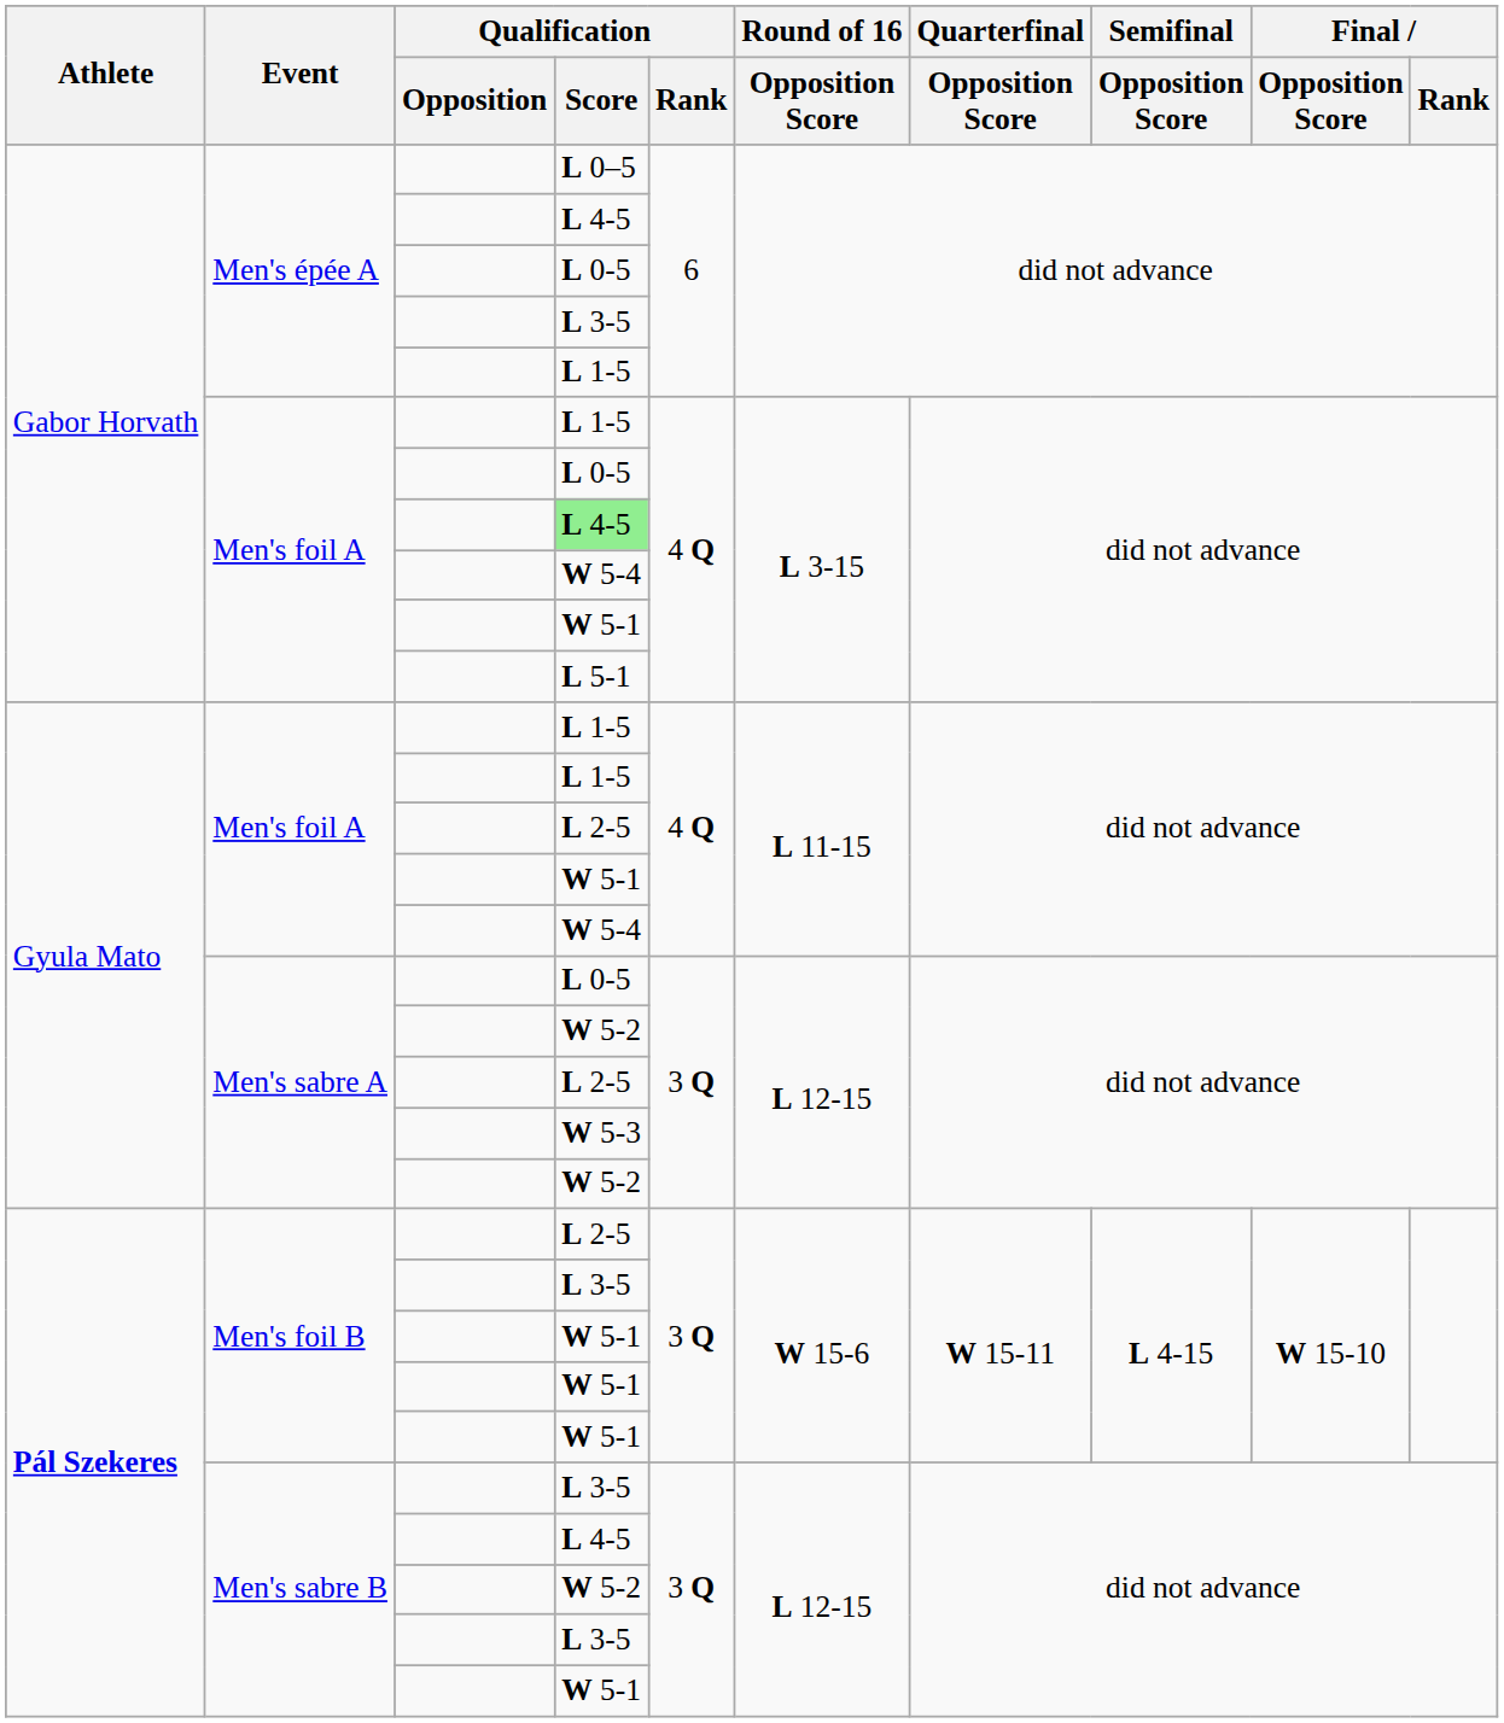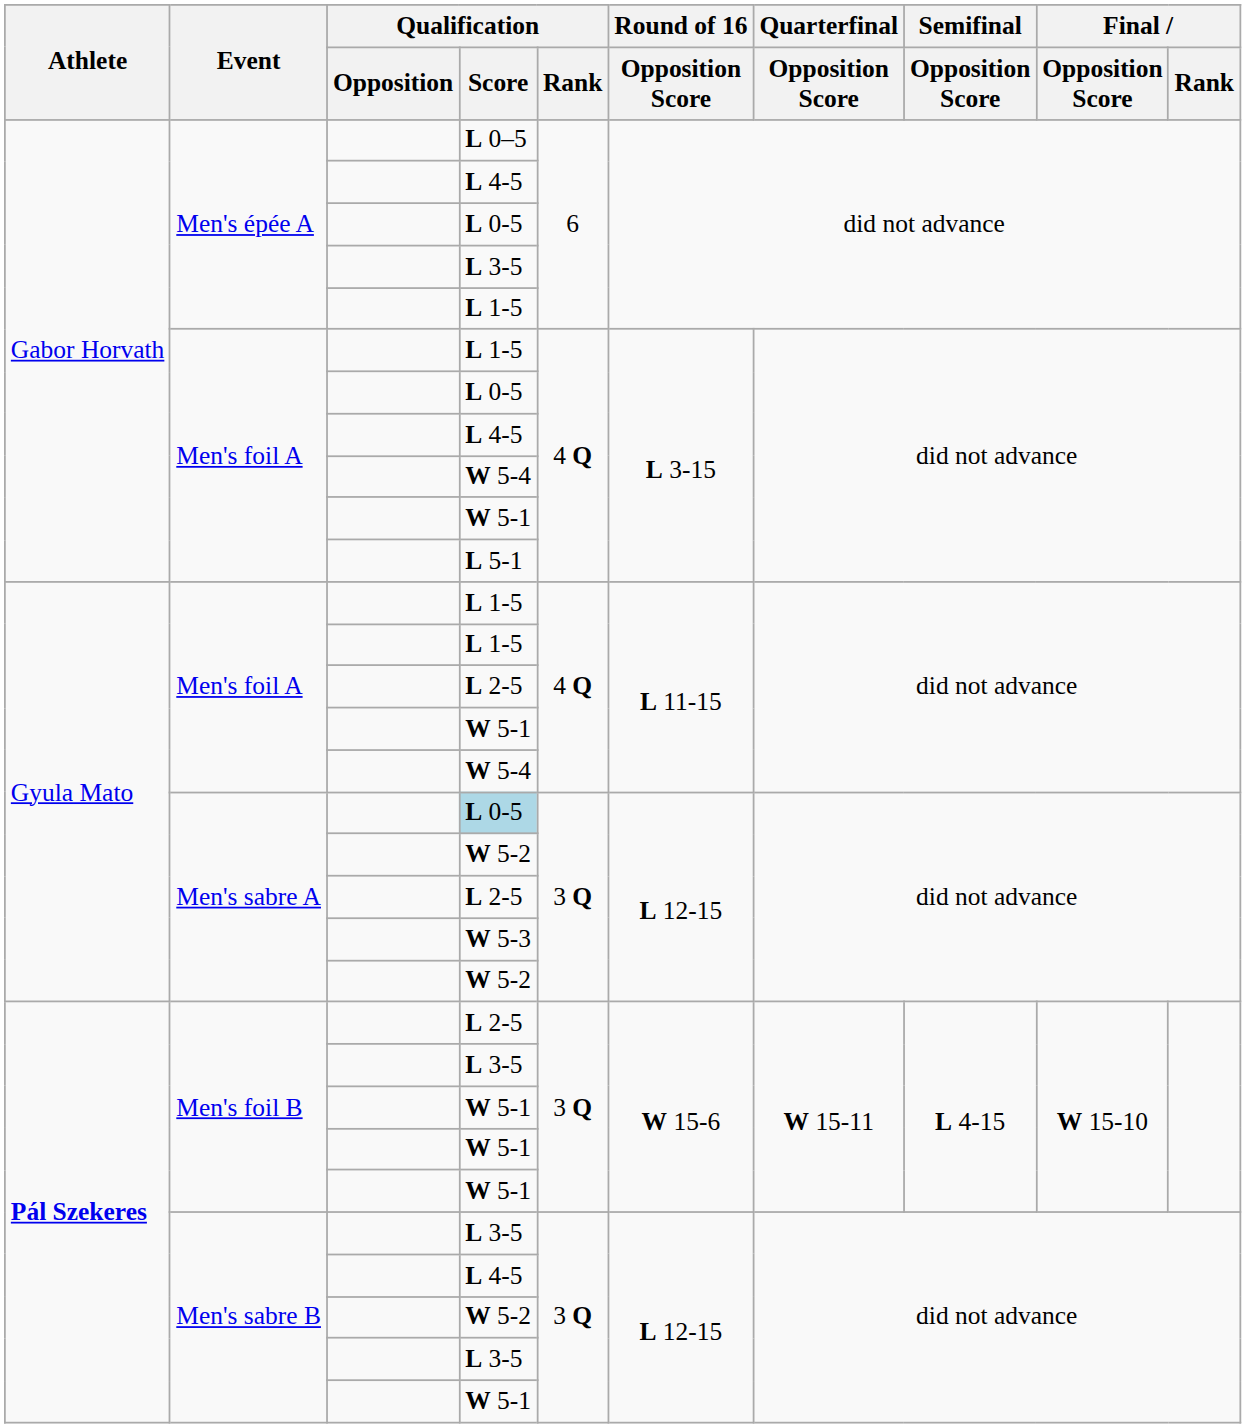 <table class=wikitable style="font-size:90%">
 <tr>
 <th rowspan="2">Athlete</th>
 <th rowspan="2">Event</th>
 <th colspan="3">Qualification</th>
 <th>Round of 16</th>
 <th>Quarterfinal</th>
 <th>Semifinal</th>
 <th colspan="2">Final / </th>
 </tr>
 <tr>
 <th>Opposition</th>
 <th>Score</th>
 <th>Rank</th>
 <th>Opposition<br>Score</th>
 <th>Opposition<br>Score</th>
 <th>Opposition<br>Score</th>
 <th>Opposition<br>Score</th>
 <th>Rank</th>
 </tr>
 <tr>
 <td rowspan=11><a href='#'>Gabor Horvath</a></td>
 <td rowspan=5><a href='#'>Men's épée A</a></td>
 <td></td>
 <td><strong>L</strong> 0–5</td>
 <td align="center" rowspan=5>6</td>
 <td align="center" rowspan=5 colspan=5>did not advance</td>
 </tr>
 <tr>
 <td></td>
 <td><strong>L</strong> 4-5</td>
 </tr>
 <tr>
 <td></td>
 <td><strong>L</strong> 0-5</td>
 </tr>
 <tr>
 <td></td>
 <td><strong>L</strong> 3-5</td>
 </tr>
 <tr>
 <td></td>
 <td><strong>L</strong> 1-5</td>
 </tr>
 <tr>
 <td rowspan=6><a href='#'>Men's foil A</a></td>
 <td></td>
 <td><strong>L</strong> 1-5</td>
 <td align="center" rowspan=6>4 <strong>Q</strong></td>
 <td align="center" rowspan=6><br><strong>L</strong> 3-15</td>
 <td align="center" rowspan=6 colspan=4>did not advance</td>
 </tr>
 <tr>
 <td></td>
 <td><strong>L</strong> 0-5</td>
 </tr>
 <tr>
 <td></td>
-<td style="background: lightgreen;"><strong>L</strong> 4-5</td>
+<td><strong>L</strong> 4-5</td>
 </tr>
 <tr>
 <td></td>
 <td><strong>W</strong> 5-4</td>
 </tr>
 <tr>
 <td></td>
 <td><strong>W</strong> 5-1</td>
 </tr>
 <tr>
 <td></td>
 <td><strong>L</strong> 5-1</td>
 </tr>
 <tr>
 <td rowspan=10><a href='#'>Gyula Mato</a></td>
 <td rowspan=5><a href='#'>Men's foil A</a></td>
 <td></td>
 <td><strong>L</strong> 1-5</td>
 <td align="center" rowspan=5>4 <strong>Q</strong></td>
 <td align="center" rowspan=5><br><strong>L</strong> 11-15</td>
 <td align="center" rowspan=5 colspan=4>did not advance</td>
 </tr>
 <tr>
 <td></td>
 <td><strong>L</strong> 1-5</td>
 </tr>
 <tr>
 <td></td>
 <td><strong>L</strong> 2-5</td>
 </tr>
 <tr>
 <td></td>
 <td><strong>W</strong> 5-1</td>
 </tr>
 <tr>
 <td></td>
 <td><strong>W</strong> 5-4</td>
 </tr>
 <tr>
 <td rowspan=5><a href='#'>Men's sabre A</a></td>
 <td></td>
-<td><strong>L</strong> 0-5</td>
+<td style="background: lightblue;"><strong>L</strong> 0-5</td>
 <td align="center" rowspan=5>3 <strong>Q</strong></td>
 <td align="center" rowspan=5><br><strong>L</strong> 12-15</td>
 <td align="center" rowspan=5 colspan=4>did not advance</td>
 </tr>
 <tr>
 <td></td>
 <td><strong>W</strong> 5-2</td>
 </tr>
 <tr>
 <td></td>
 <td><strong>L</strong> 2-5</td>
 </tr>
 <tr>
 <td></td>
 <td><strong>W</strong> 5-3</td>
 </tr>
 <tr>
 <td></td>
 <td><strong>W</strong> 5-2</td>
 </tr>
 <tr>
 <td rowspan=10><strong><a href='#'>Pál Szekeres</a></strong></td>
 <td rowspan=5><a href='#'>Men's foil B</a></td>
 <td></td>
 <td><strong>L</strong> 2-5</td>
 <td align="center" rowspan=5>3 <strong>Q</strong></td>
 <td align="center" rowspan=5><br><strong>W</strong> 15-6</td>
 <td align="center" rowspan=5><br><strong>W</strong> 15-11</td>
 <td align="center" rowspan=5><br><strong>L</strong> 4-15</td>
 <td align="center" rowspan=5><br><strong>W</strong> 15-10</td>
 <td align="center" rowspan=5></td>
 </tr>
 <tr>
 <td></td>
 <td><strong>L</strong> 3-5</td>
 </tr>
 <tr>
 <td></td>
 <td><strong>W</strong> 5-1</td>
 </tr>
 <tr>
 <td></td>
 <td><strong>W</strong> 5-1</td>
 </tr>
 <tr>
 <td></td>
 <td><strong>W</strong> 5-1</td>
 </tr>
 <tr>
 <td rowspan=5><a href='#'>Men's sabre B</a></td>
 <td></td>
 <td><strong>L</strong> 3-5</td>
 <td align="center" rowspan=5>3 <strong>Q</strong></td>
 <td align="center" rowspan=5><br><strong>L</strong> 12-15</td>
 <td align="center" rowspan=5 colspan=4>did not advance</td>
 </tr>
 <tr>
 <td></td>
 <td><strong>L</strong> 4-5</td>
 </tr>
 <tr>
 <td></td>
 <td><strong>W</strong> 5-2</td>
 </tr>
 <tr>
 <td></td>
 <td><strong>L</strong> 3-5</td>
 </tr>
 <tr>
 <td></td>
 <td><strong>W</strong> 5-1</td>
 </tr>
 </table>
